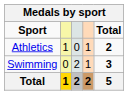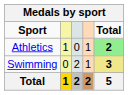 <table class="wikitable" style="font-size:85%; float:right;">
 <tr style="background:#efefef;">
 <th colspan=7>Medals by sport</th>
 </tr>
 <tr style="text-align:center">
 <td><strong>Sport</strong></td>
 <td style="background:#f7f6a8"></td>
 <td style="background:#dce5e5"></td>
 <td style="background:#ffdab9"></td>
 <td><strong>Total</strong></td>
 </tr>
 <tr style="text-align:center">
 <td><a href='#'>Athletics</a></td>
 <td style="background:#F7F6A8">1</td>
 <td style="background:#DCE5E5">0</td>
 <td style="background:#FFDAB9">1</td>
-<td><strong>2</strong></td>
+<td style="background: lightgreen;"><strong>2</strong></td>
 </tr>
 <tr style="text-align:center">
 <td><a href='#'>Swimming</a></td>
 <td style="background:#F7F6A8">0</td>
 <td style="background:#DCE5E5">2</td>
 <td style="background:#FFDAB9">1</td>
-<td><strong>3</strong></td>
+<td style="background: khaki;"><strong>3</strong></td>
 </tr>
 <tr style="text-align:center">
 <th>Total</th>
 <th style="background:gold">1</th>
 <th style="background:silver">2</th>
 <th style="background:#c96">2</th>
 <th>5</th>
 </tr>
 </table>
